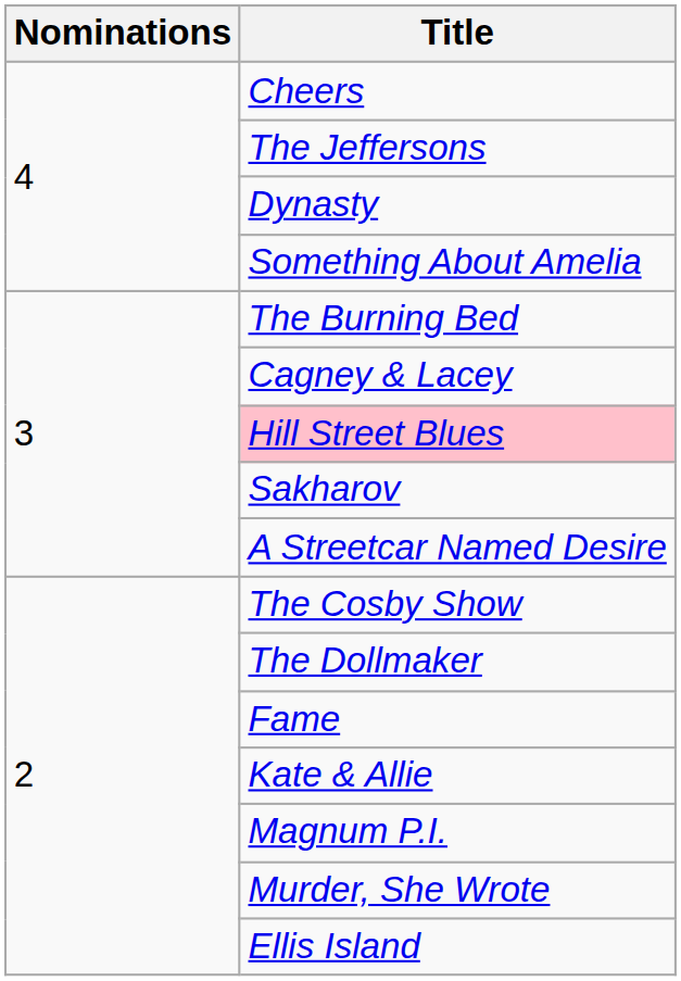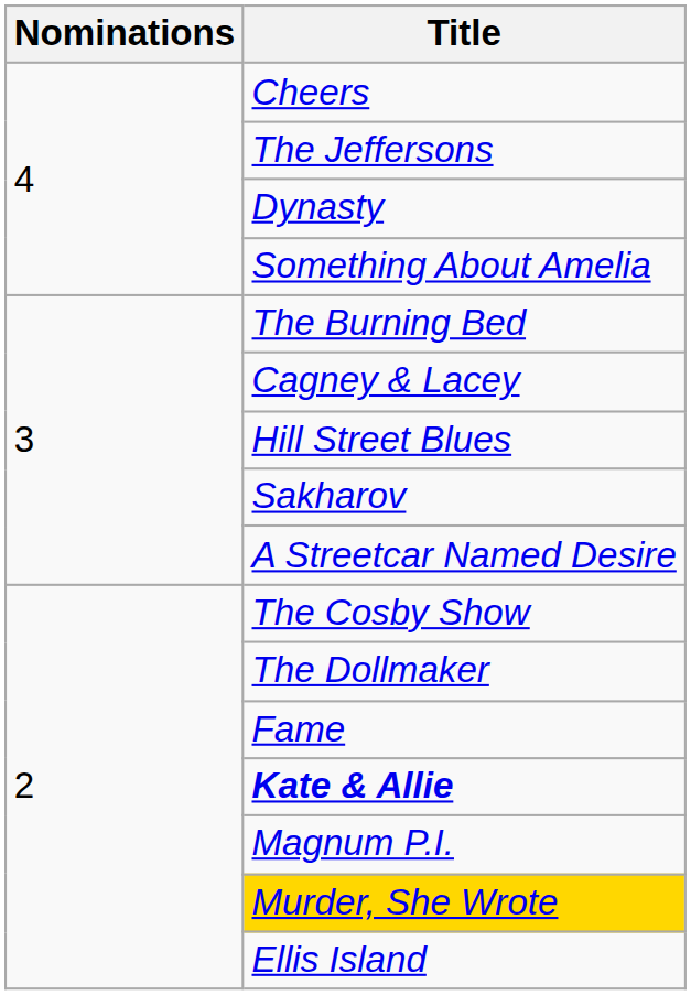 <table class="wikitable">
 <tr>
 <th>Nominations</th>
 <th>Title</th>
 </tr>
 <tr>
 <td rowspan="4">4</td>
 <td><em><a href='#'>Cheers</a></em></td>
 </tr>
 <tr>
 <td><em><a href='#'>The Jeffersons</a></em></td>
 </tr>
 <tr>
 <td><em><a href='#'>Dynasty</a></em></td>
 </tr>
 <tr>
 <td><em><a href='#'>Something About Amelia</a></em></td>
 </tr>
 <tr>
 <td rowspan="5">3</td>
 <td><em><a href='#'>The Burning Bed</a></em></td>
 </tr>
 <tr>
 <td><em><a href='#'>Cagney & Lacey</a></em></td>
 </tr>
 <tr>
-<td style="background: pink;"><em><a href='#'>Hill Street Blues</a></em></td>
+<td><em><a href='#'>Hill Street Blues</a></em></td>
 </tr>
 <tr>
 <td><em><a href='#'>Sakharov</a></em></td>
 </tr>
 <tr>
 <td><em><a href='#'>A Streetcar Named Desire</a></em></td>
 </tr>
 <tr>
 <td rowspan="7">2</td>
 <td><em><a href='#'>The Cosby Show</a></em></td>
 </tr>
 <tr>
 <td><em><a href='#'>The Dollmaker</a></em></td>
 </tr>
 <tr>
 <td><em><a href='#'>Fame</a></em></td>
 </tr>
 <tr>
-<td><em><a href='#'>Kate & Allie</a></em></td>
+<td><strong><em><a href='#'>Kate & Allie</a></em></strong></td>
 </tr>
 <tr>
 <td><em><a href='#'>Magnum P.I.</a></em></td>
 </tr>
 <tr>
-<td><em><a href='#'>Murder, She Wrote</a></em></td>
+<td style="background: gold;"><em><a href='#'>Murder, She Wrote</a></em></td>
 </tr>
 <tr>
 <td><em><a href='#'>Ellis Island</a></em></td>
 </tr>
 </table>
